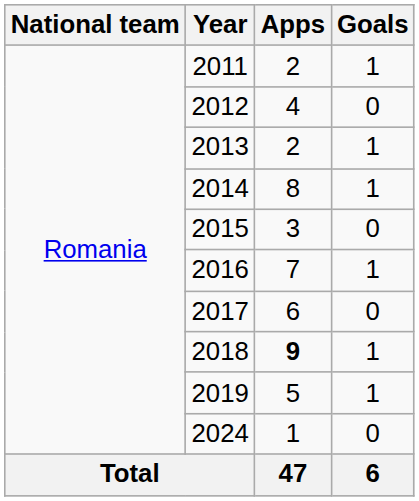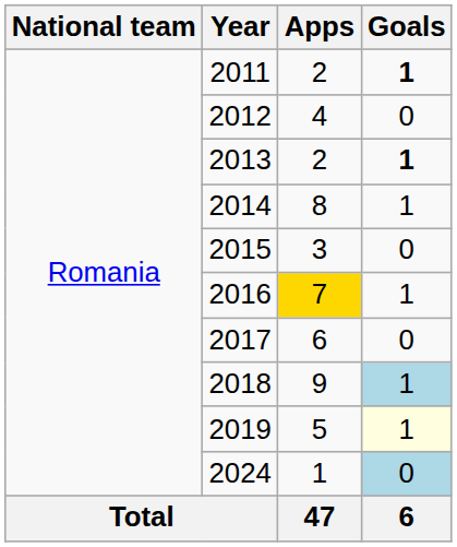 <table class="wikitable" style="text-align:center">
 <tr>
 <th>National team</th>
 <th>Year</th>
 <th>Apps</th>
 <th>Goals</th>
 </tr>
 <tr>
 <td rowspan="10"><a href='#'>Romania</a></td>
 <td>2011</td>
 <td>2</td>
-<td>1</td>
+<td><strong>1</strong></td>
 </tr>
 <tr>
 <td>2012</td>
 <td>4</td>
 <td>0</td>
 </tr>
 <tr>
 <td>2013</td>
 <td>2</td>
-<td>1</td>
+<td><strong>1</strong></td>
 </tr>
 <tr>
 <td>2014</td>
 <td>8</td>
 <td>1</td>
 </tr>
 <tr>
 <td>2015</td>
 <td>3</td>
 <td>0</td>
 </tr>
 <tr>
 <td>2016</td>
-<td>7</td>
+<td style="background: gold;">7</td>
 <td>1</td>
 </tr>
 <tr>
 <td>2017</td>
 <td>6</td>
 <td>0</td>
 </tr>
 <tr>
 <td>2018</td>
-<td><strong>9</strong></td>
-<td>1</td>
+<td>9</td>
+<td style="background: lightblue;">1</td>
 </tr>
 <tr>
 <td>2019</td>
 <td>5</td>
-<td>1</td>
+<td style="background: lightyellow;">1</td>
 </tr>
 <tr>
 <td>2024</td>
 <td>1</td>
-<td>0</td>
+<td style="background: lightblue;">0</td>
 </tr>
 <tr>
 <th colspan="2">Total</th>
 <th>47</th>
 <th>6</th>
 </tr>
 </table>
